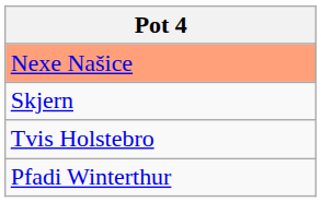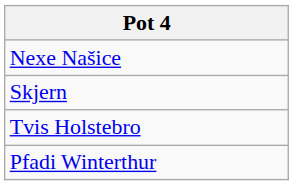 <table class="wikitable" style="float:left; margin-right:1em;">
 <tr>
 <th width=200>Pot 4</th>
 </tr>
 <tr>
-<td style="background: lightsalmon;"> <a href='#'>Nexe Našice</a></td>
+<td> <a href='#'>Nexe Našice</a></td>
 </tr>
 <tr>
 <td> <a href='#'>Skjern</a></td>
 </tr>
 <tr>
 <td> <a href='#'>Tvis Holstebro</a></td>
 </tr>
 <tr>
 <td> <a href='#'>Pfadi Winterthur</a></td>
 </tr>
 </table>
